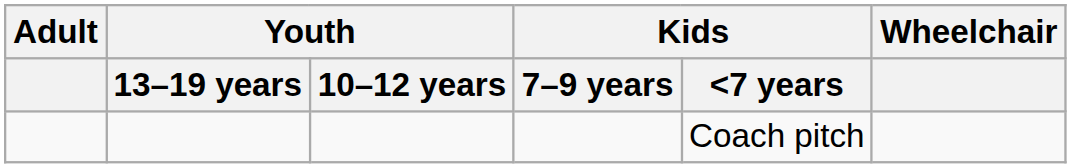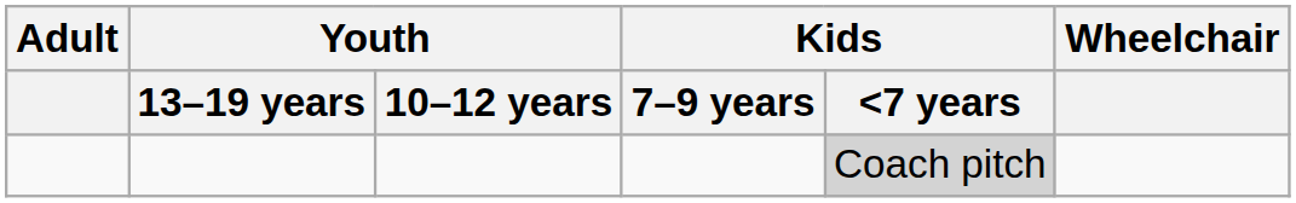 <table class="wikitable" style="text-align:center; font-size:90%;">
 <tr>
 <th>Adult</th>
 <th colspan=2>Youth</th>
 <th colspan=2>Kids</th>
 <th>Wheelchair</th>
 </tr>
 <tr>
 <th></th>
 <th>13–19 years</th>
 <th>10–12 years</th>
 <th>7–9 years</th>
 <th><7 years</th>
 <th></th>
 </tr>
 <tr>
 <td></td>
 <td></td>
 <td></td>
 <td></td>
-<td>Coach pitch</td>
+<td style="background: lightgrey;">Coach pitch</td>
 <td></td>
 </tr>
 </table>
